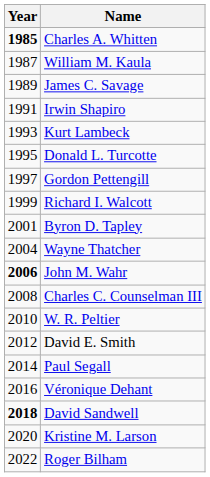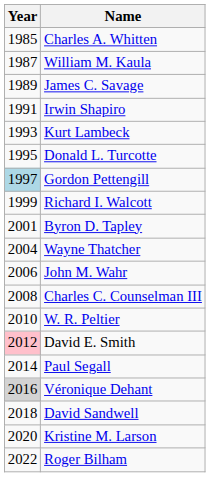 <table class="wikitable" align=center>
 <tr>
 <th>Year</th>
 <th>Name</th>
 </tr>
 <tr>
-<td><strong>1985</strong></td>
+<td>1985</td>
 <td><a href='#'>Charles A. Whitten</a></td>
 </tr>
 <tr>
 <td>1987</td>
 <td><a href='#'>William M. Kaula</a></td>
 </tr>
 <tr>
 <td>1989</td>
 <td><a href='#'>James C. Savage</a></td>
 </tr>
 <tr>
 <td>1991</td>
 <td><a href='#'>Irwin Shapiro</a></td>
 </tr>
 <tr>
 <td>1993</td>
 <td><a href='#'>Kurt Lambeck</a></td>
 </tr>
 <tr>
 <td>1995</td>
 <td><a href='#'>Donald L. Turcotte</a></td>
 </tr>
 <tr>
-<td>1997</td>
+<td style="background: lightblue;">1997</td>
 <td><a href='#'>Gordon Pettengill</a></td>
 </tr>
 <tr>
 <td>1999</td>
 <td><a href='#'>Richard I. Walcott</a></td>
 </tr>
 <tr>
 <td>2001</td>
 <td><a href='#'>Byron D. Tapley</a></td>
 </tr>
 <tr>
 <td>2004</td>
 <td><a href='#'>Wayne Thatcher</a></td>
 </tr>
 <tr>
-<td><strong>2006</strong></td>
+<td>2006</td>
 <td><a href='#'>John M. Wahr</a></td>
 </tr>
 <tr>
 <td>2008</td>
 <td><a href='#'>Charles C. Counselman III</a></td>
 </tr>
 <tr>
 <td>2010</td>
 <td><a href='#'>W. R. Peltier</a></td>
 </tr>
 <tr>
-<td>2012</td>
+<td style="background: pink;">2012</td>
 <td>David E. Smith</td>
 </tr>
 <tr>
 <td>2014</td>
 <td><a href='#'>Paul Segall</a></td>
 </tr>
 <tr>
-<td>2016</td>
+<td style="background: lightgrey;">2016</td>
 <td><a href='#'>Véronique Dehant</a></td>
 </tr>
 <tr>
-<td><strong>2018</strong></td>
+<td>2018</td>
 <td><a href='#'>David Sandwell</a></td>
 </tr>
 <tr>
 <td>2020</td>
 <td><a href='#'>Kristine M. Larson</a></td>
 </tr>
 <tr>
 <td>2022</td>
 <td><a href='#'>Roger Bilham</a></td>
 </tr>
 </table>
